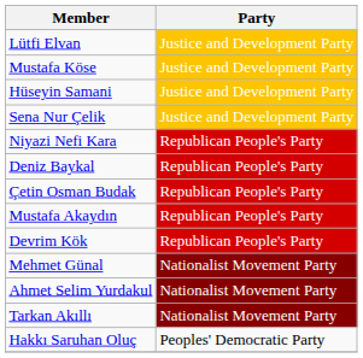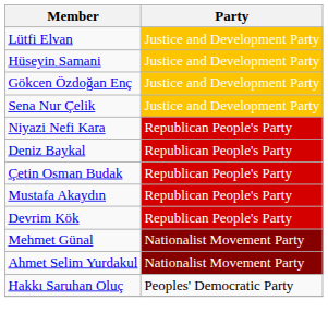 <table class="wikitable">
 <tr>
 <th>Member</th>
 <th>Party</th>
 </tr>
 <tr>
 <td><a href='#'>Lütfi Elvan</a></td>
 <td style="background:#FDC400; color:white">Justice and Development Party</td>
 </tr>
 <tr>
-<td><a href='#'>Mustafa Köse</a></td>
+<td><a href='#'>Hüseyin Samani</a></td>
 <td style="background:#FDC400; color:white">Justice and Development Party</td>
 </tr>
 <tr>
-<td><a href='#'>Hüseyin Samani</a></td>
+<td><a href='#'>Gökcen Özdoğan Enç</a></td>
 <td style="background:#FDC400; color:white">Justice and Development Party</td>
 </tr>
 <tr>
 <td><a href='#'>Sena Nur Çelik</a></td>
 <td style="background:#FDC400; color:white">Justice and Development Party</td>
 </tr>
 <tr>
 <td><a href='#'>Niyazi Nefi Kara</a></td>
 <td style="background:#D40000; color:white">Republican People's Party</td>
 </tr>
 <tr>
 <td><a href='#'>Deniz Baykal</a></td>
 <td style="background:#D40000; color:white">Republican People's Party</td>
 </tr>
 <tr>
 <td><a href='#'>Çetin Osman Budak</a></td>
 <td style="background:#D40000; color:white">Republican People's Party</td>
 </tr>
 <tr>
 <td><a href='#'>Mustafa Akaydın</a></td>
 <td style="background:#D40000; color:white">Republican People's Party</td>
 </tr>
 <tr>
 <td><a href='#'>Devrim Kök</a></td>
 <td style="background:#D40000; color:white">Republican People's Party</td>
 </tr>
 <tr>
 <td><a href='#'>Mehmet Günal</a></td>
 <td style="background:#870000; color:white">Nationalist Movement Party</td>
 </tr>
 <tr>
 <td><a href='#'>Ahmet Selim Yurdakul</a></td>
 <td style="background:#870000; color:white">Nationalist Movement Party</td>
 </tr>
 <tr>
-<td><a href='#'>Tarkan Akıllı</a></td>
-<td style="background:#870000; color:white">Nationalist Movement Party</td>
-</tr>
-<tr>
 <td><a href='#'>Hakkı Saruhan Oluç</a></td>
 <td style="background:">Peoples' Democratic Party</td>
 </tr>
 <tr>
 </tr>
 </table>
